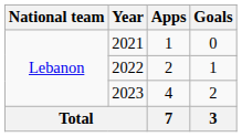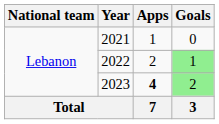 <table class="wikitable" style="text-align:center">
 <tr>
 <th>National team</th>
 <th>Year</th>
 <th>Apps</th>
 <th>Goals</th>
 </tr>
 <tr>
 <td rowspan="3"><a href='#'>Lebanon</a></td>
 <td>2021</td>
 <td>1</td>
 <td>0</td>
 </tr>
 <tr>
 <td>2022</td>
 <td>2</td>
-<td>1</td>
+<td style="background: lightgreen;">1</td>
 </tr>
 <tr>
 <td>2023</td>
-<td>4</td>
-<td>2</td>
+<td><strong>4</strong></td>
+<td style="background: lightgreen;">2</td>
 </tr>
 <tr>
 <th colspan="2">Total</th>
 <th>7</th>
 <th>3</th>
 </tr>
 </table>
